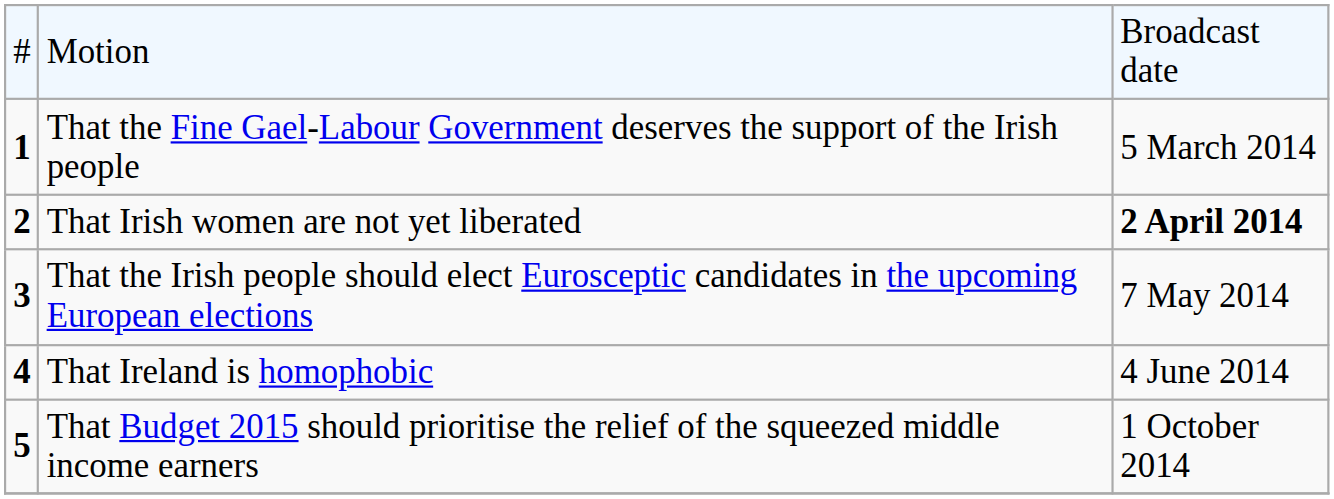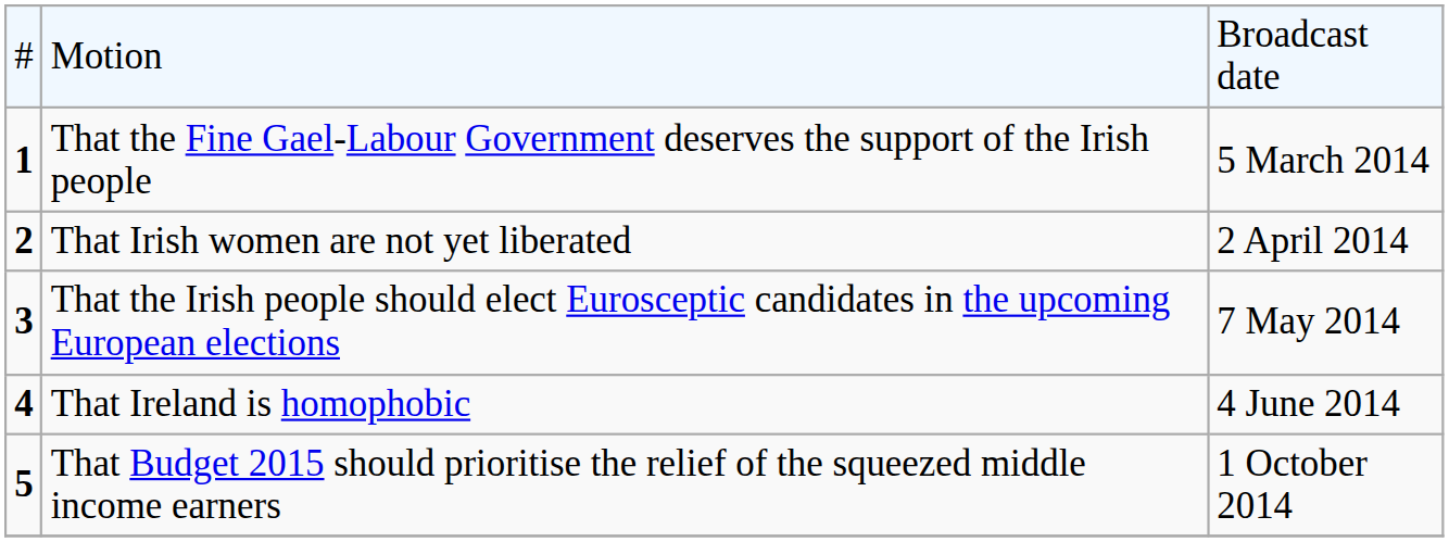 <table class="wikitable">
 <tr bgcolor="#F0F8FF">
 <td>#</td>
 <td>Motion</td>
 <td>Broadcast date</td>
 </tr>
 <tr>
 <td><strong>1</strong></td>
 <td>That the <a href='#'>Fine Gael</a>-<a href='#'>Labour</a> <a href='#'>Government</a> deserves the support of the Irish people</td>
 <td>5 March 2014</td>
 </tr>
 <tr>
 <td><strong>2</strong></td>
 <td>That Irish women are not yet liberated</td>
-<td><strong>2 April 2014</strong></td>
+<td>2 April 2014</td>
 </tr>
 <tr>
 <td><strong>3</strong></td>
 <td>That the Irish people should elect <a href='#'>Eurosceptic</a> candidates in <a href='#'>the upcoming European elections</a></td>
 <td>7 May 2014</td>
 </tr>
 <tr>
 <td><strong>4</strong></td>
 <td>That Ireland is <a href='#'>homophobic</a></td>
 <td>4 June 2014</td>
 </tr>
 <tr>
 <td><strong>5</strong></td>
 <td>That <a href='#'>Budget 2015</a> should prioritise the relief of the squeezed middle income earners</td>
 <td>1 October 2014</td>
 </tr>
 <tr>
 </tr>
 </table>
